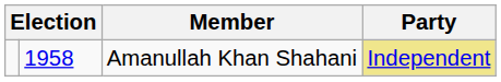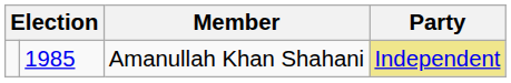 <table class="wikitable">
 <tr>
 <th colspan="2">Election</th>
 <th>Member</th>
 <th>Party</th>
 </tr>
 <tr>
 <td style="background-color: "></td>
-<td><a href='#'>1958</a></td>
+<td><a href='#'>1985</a></td>
 <td>Amanullah Khan Shahani</td>
 <td style="background: khaki;"><a href='#'>Independent</a></td>
 </tr>
 </table>
